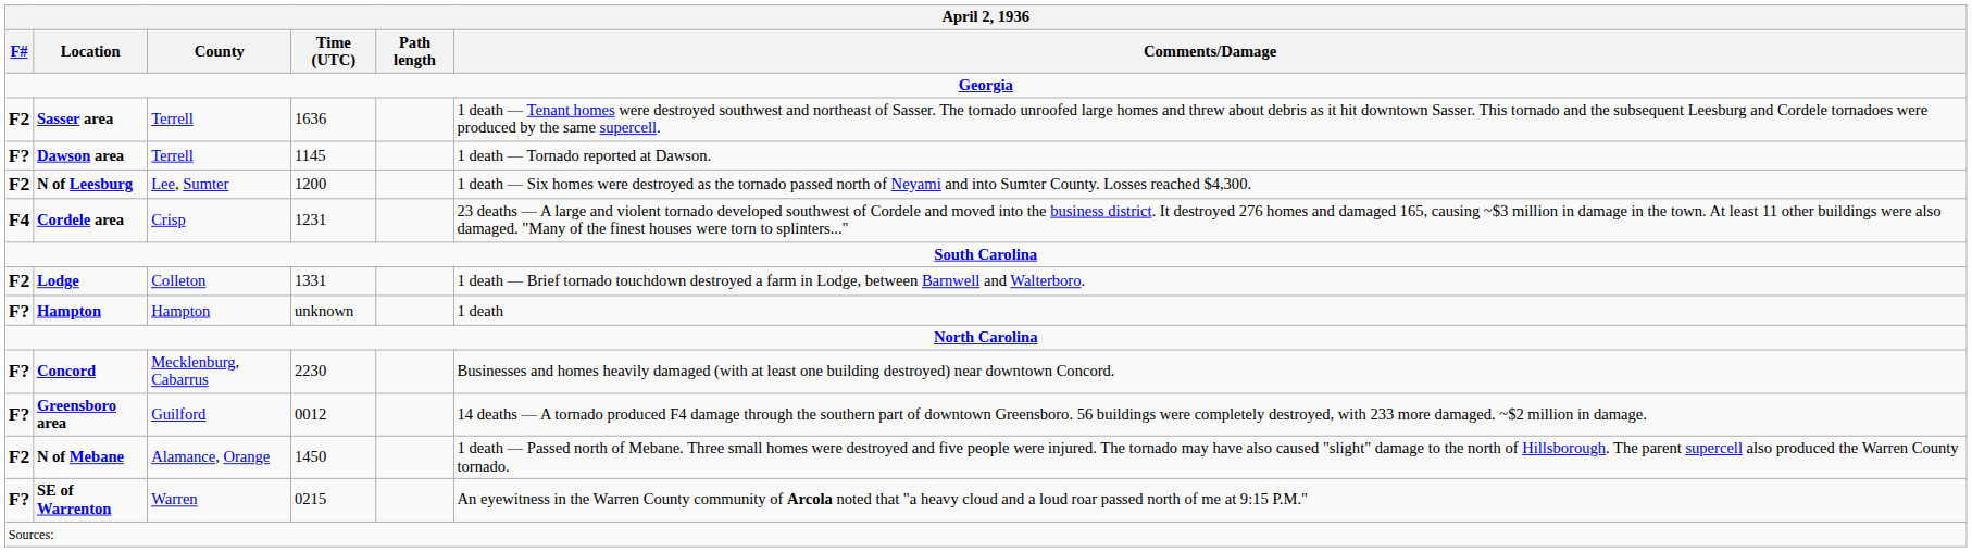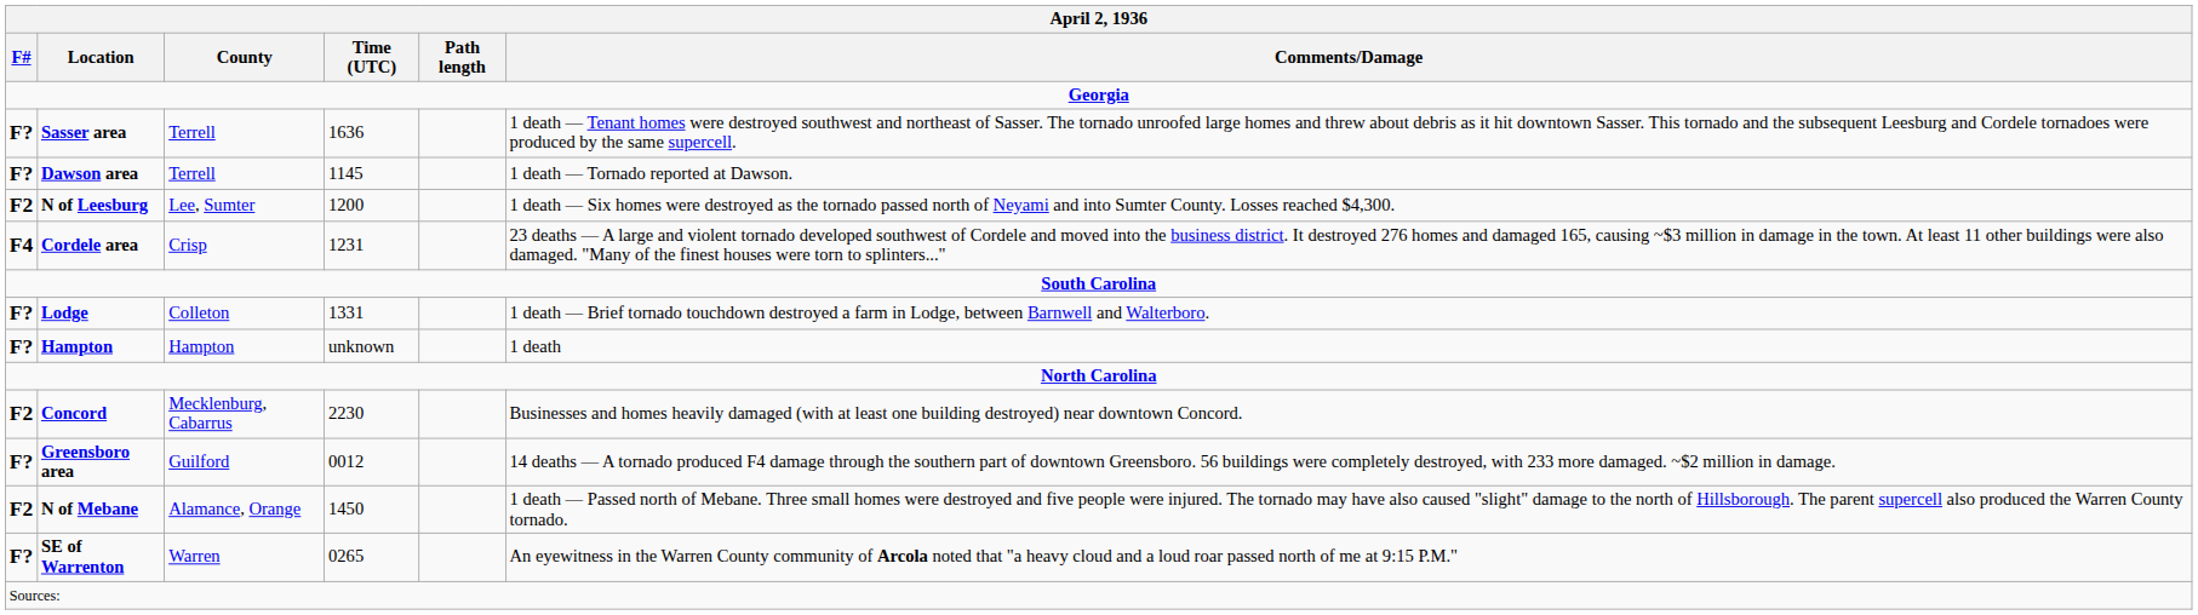 <table class="wikitable collapsible" style="width:100%;">
 <tr>
 <th colspan="7">April 2, 1936</th>
 </tr>
 <tr>
 <th><a href='#'>F#</a></th>
 <th>Location</th>
 <th>County</th>
 <th>Time (UTC)</th>
 <th>Path length</th>
 <th>Comments/Damage</th>
 </tr>
 <tr>
 <td colspan="7" style="text-align:center;"><strong><a href='#'>Georgia</a></strong></td>
 </tr>
 <tr>
-<td><big><strong>F2</strong></big></td>
+<td><big><strong>F?</strong></big></td>
 <td><strong><a href='#'>Sasser</a> area</strong></td>
 <td><a href='#'>Terrell</a></td>
 <td>1636</td>
 <td></td>
 <td>1 death — <a href='#'>Tenant homes</a> were destroyed southwest and northeast of Sasser. The tornado unroofed large homes and threw about debris as it hit downtown Sasser.  This tornado and the subsequent Leesburg and Cordele tornadoes were produced by the same <a href='#'>supercell</a>.</td>
 </tr>
 <tr>
 <td><big><strong>F?</strong></big></td>
 <td><strong><a href='#'>Dawson</a> area</strong></td>
 <td><a href='#'>Terrell</a></td>
 <td>1145</td>
 <td></td>
 <td>1 death — Tornado reported at Dawson.</td>
 </tr>
 <tr>
 <td><big><strong>F2</strong></big></td>
 <td><strong>N of <a href='#'>Leesburg</a></strong></td>
 <td><a href='#'>Lee</a>, <a href='#'>Sumter</a></td>
 <td>1200</td>
 <td></td>
 <td>1 death — Six homes were destroyed as the tornado passed  north of <a href='#'>Neyami</a> and into Sumter County. Losses reached $4,300.</td>
 </tr>
 <tr>
 <td><big><strong>F4</strong></big></td>
 <td><strong><a href='#'>Cordele</a> area</strong></td>
 <td><a href='#'>Crisp</a></td>
 <td>1231</td>
 <td></td>
 <td>23 deaths —  A large and violent tornado developed  southwest of Cordele and moved into the <a href='#'>business district</a>. It destroyed 276 homes and damaged 165, causing ~$3 million in damage in the town. At least 11 other buildings were also damaged. "Many of the finest houses were torn to splinters..."</td>
 </tr>
 <tr>
 <td colspan="7" align=center><strong><a href='#'>South Carolina</a></strong></td>
 </tr>
 <tr>
-<td><big><strong>F2</strong></big></td>
+<td><big><strong>F?</strong></big></td>
 <td><strong><a href='#'>Lodge</a></strong></td>
 <td><a href='#'>Colleton</a></td>
 <td>1331</td>
 <td></td>
 <td>1 death — Brief tornado touchdown destroyed a farm in Lodge, between <a href='#'>Barnwell</a> and <a href='#'>Walterboro</a>.</td>
 </tr>
 <tr>
 <td><big><strong>F?</strong></big></td>
 <td><strong><a href='#'>Hampton</a></strong></td>
 <td><a href='#'>Hampton</a></td>
 <td>unknown</td>
 <td></td>
 <td>1 death</td>
 </tr>
 <tr>
 <td colspan="7" align=center><strong><a href='#'>North Carolina</a></strong></td>
 </tr>
 <tr>
-<td><big><strong>F?</strong></big></td>
+<td><big><strong>F2</strong></big></td>
 <td><strong><a href='#'>Concord</a></strong></td>
 <td><a href='#'>Mecklenburg</a>, <a href='#'>Cabarrus</a></td>
 <td>2230</td>
 <td></td>
 <td>Businesses and homes heavily damaged (with at least one building destroyed) near downtown Concord.</td>
 </tr>
 <tr>
 <td><big><strong>F?</strong></big></td>
 <td><strong><a href='#'>Greensboro</a> area</strong></td>
 <td><a href='#'>Guilford</a></td>
 <td>0012</td>
 <td></td>
 <td>14 deaths —  A tornado produced F4 damage through the southern part of downtown Greensboro. 56 buildings were completely destroyed, with 233 more damaged.  ~$2 million in damage.</td>
 </tr>
 <tr>
 <td><big><strong>F2</strong></big></td>
 <td><strong>N of <a href='#'>Mebane</a></strong></td>
 <td><a href='#'>Alamance</a>, <a href='#'>Orange</a></td>
 <td>1450</td>
 <td></td>
 <td>1 death —  Passed  north of Mebane. Three small homes were destroyed and five people were injured. The tornado may have also caused "slight" damage  to the north of <a href='#'>Hillsborough</a>. The parent <a href='#'>supercell</a> also produced the Warren County tornado.</td>
 </tr>
 <tr>
 <td><big><strong>F?</strong></big></td>
 <td><strong>SE of <a href='#'>Warrenton</a></strong></td>
 <td><a href='#'>Warren</a></td>
-<td>0215</td>
+<td>0265</td>
 <td></td>
 <td>An eyewitness in the Warren County community of <strong>Arcola</strong> noted that "a heavy cloud and a loud roar passed north of me at 9:15 P.M."</td>
 </tr>
 <tr>
 <td colspan="7"><small>Sources:</small></td>
 </tr>
 </table>
